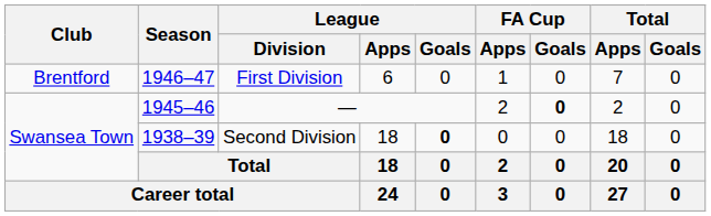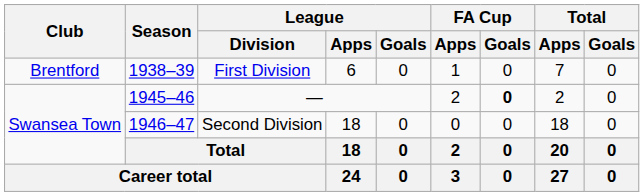 <table class="wikitable" style="text-align:center">
 <tr>
 <th rowspan="2">Club</th>
 <th rowspan="2">Season</th>
 <th colspan="3">League</th>
 <th colspan="2">FA Cup</th>
 <th colspan="2">Total</th>
 </tr>
 <tr>
 <th>Division</th>
 <th>Apps</th>
 <th>Goals</th>
 <th>Apps</th>
 <th>Goals</th>
 <th>Apps</th>
 <th>Goals</th>
 </tr>
 <tr>
 <td><a href='#'>Brentford</a></td>
-<td><a href='#'>1946–47</a></td>
+<td><a href='#'>1938–39</a></td>
 <td><a href='#'>First Division</a></td>
 <td>6</td>
 <td>0</td>
 <td>1</td>
 <td>0</td>
 <td>7</td>
 <td>0</td>
 </tr>
 <tr>
 <td rowspan="3"><a href='#'>Swansea Town</a></td>
 <td><a href='#'>1945–46</a></td>
 <td colspan="3">—</td>
 <td>2</td>
 <td><strong>0</strong></td>
 <td>2</td>
 <td>0</td>
 </tr>
 <tr>
-<td><a href='#'>1938–39</a></td>
+<td><a href='#'>1946–47</a></td>
 <td>Second Division</td>
 <td>18</td>
-<td><strong>0</strong></td>
+<td>0</td>
 <td>0</td>
 <td>0</td>
 <td>18</td>
 <td>0</td>
 </tr>
 <tr>
 <th colspan="2">Total</th>
 <th>18</th>
 <th>0</th>
 <th>2</th>
 <th>0</th>
 <th>20</th>
 <th>0</th>
 </tr>
 <tr>
 <th colspan="3">Career total</th>
 <th>24</th>
 <th>0</th>
 <th>3</th>
 <th>0</th>
 <th>27</th>
 <th>0</th>
 </tr>
 </table>
